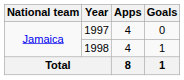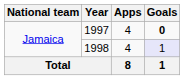 <table class="wikitable" style="text-align:center">
 <tr>
 <th>National team</th>
 <th>Year</th>
 <th>Apps</th>
 <th>Goals</th>
 </tr>
 <tr>
 <td rowspan="2"><a href='#'>Jamaica</a></td>
 <td>1997</td>
 <td>4</td>
-<td>0</td>
+<td><strong>0</strong></td>
 </tr>
 <tr>
 <td>1998</td>
 <td>4</td>
-<td>1</td>
+<td style="background: lavender;">1</td>
 </tr>
 <tr>
 <th colspan="2">Total</th>
 <th>8</th>
 <th>1</th>
 </tr>
 </table>
